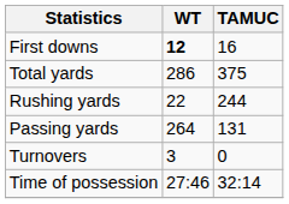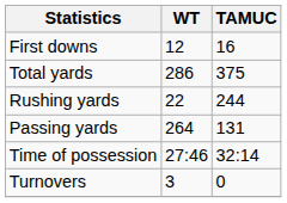 <table class="wikitable">
 <tr>
 <th>Statistics</th>
 <th>WT</th>
 <th>TAMUC</th>
 </tr>
 <tr>
 <td>First downs</td>
-<td><strong>12</strong></td>
+<td>12</td>
 <td>16</td>
 </tr>
 <tr>
 <td>Total yards</td>
 <td>286</td>
 <td>375</td>
 </tr>
 <tr>
 <td>Rushing yards</td>
 <td>22</td>
 <td>244</td>
 </tr>
 <tr>
 <td>Passing yards</td>
 <td>264</td>
 <td>131</td>
 </tr>
 <tr>
+<td>Time of possession</td>
+<td>27:46</td>
+<td>32:14</td>
+</tr>
+<tr>
 <td>Turnovers</td>
 <td>3</td>
 <td>0</td>
 </tr>
 <tr>
-<td>Time of possession</td>
-<td>27:46</td>
-<td>32:14</td>
-</tr>
-<tr>
 </tr>
 </table>
